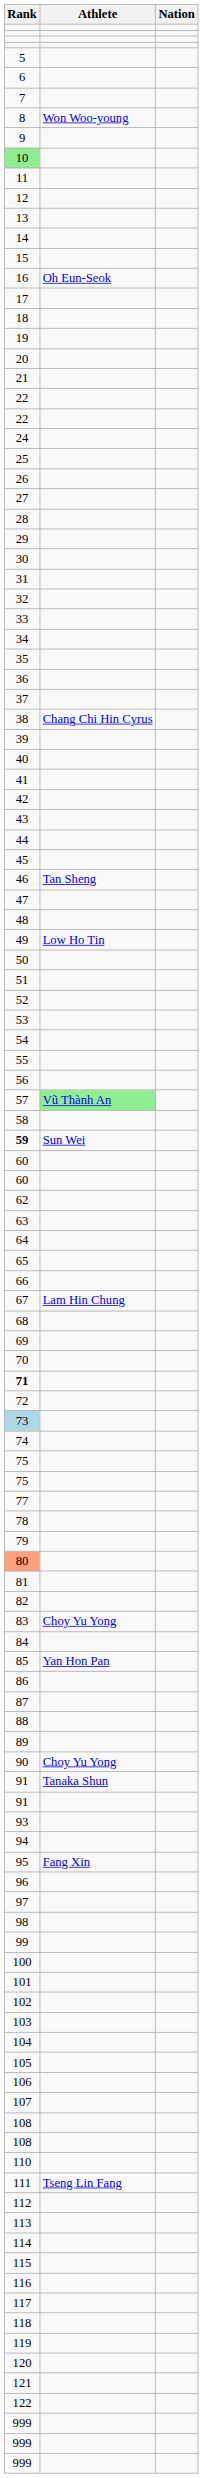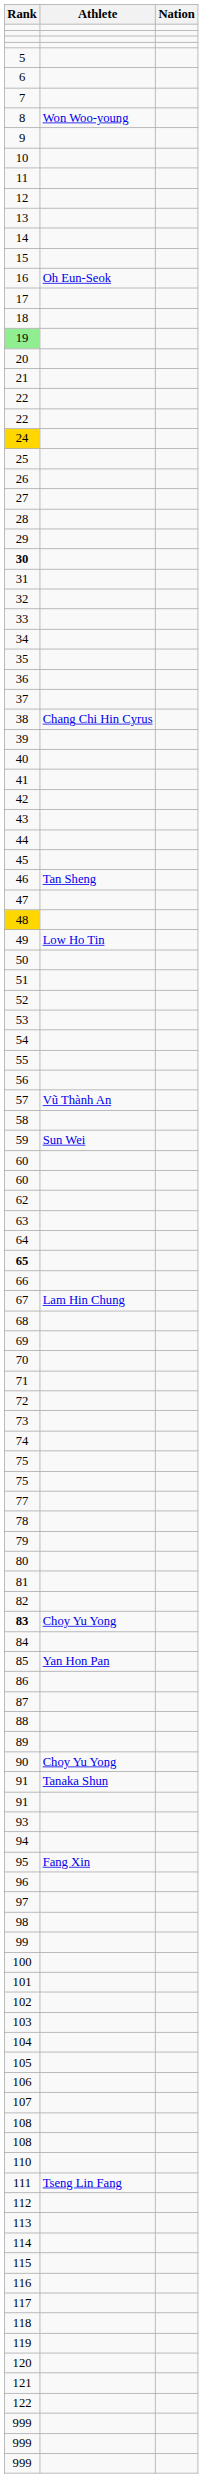 <table class="wikitable sortable" style="text-align:left">
 <tr>
 <th>Rank</th>
 <th>Athlete</th>
 <th>Nation</th>
 </tr>
 <tr>
 <td align="center"></td>
 <td></td>
 <td></td>
 </tr>
 <tr>
 <td align="center"></td>
 <td></td>
 <td></td>
 </tr>
 <tr>
 <td align="center"></td>
 <td></td>
 <td></td>
 </tr>
 <tr>
 <td align="center"></td>
 <td></td>
 <td></td>
 </tr>
 <tr>
 <td align="center">5</td>
 <td></td>
 <td></td>
 </tr>
 <tr>
 <td align="center">6</td>
 <td></td>
 <td></td>
 </tr>
 <tr>
 <td align="center">7</td>
 <td></td>
 <td></td>
 </tr>
 <tr>
 <td align="center">8</td>
 <td><a href='#'>Won Woo-young</a></td>
 <td></td>
 </tr>
 <tr>
 <td align="center">9</td>
 <td></td>
 <td></td>
 </tr>
 <tr>
-<td align="center" style="background: lightgreen;">10</td>
+<td align="center">10</td>
 <td></td>
 <td></td>
 </tr>
 <tr>
 <td align="center">11</td>
 <td></td>
 <td></td>
 </tr>
 <tr>
 <td align="center">12</td>
 <td></td>
 <td></td>
 </tr>
 <tr>
 <td align="center">13</td>
 <td></td>
 <td></td>
 </tr>
 <tr>
 <td align="center">14</td>
 <td></td>
 <td></td>
 </tr>
 <tr>
 <td align="center">15</td>
 <td></td>
 <td></td>
 </tr>
 <tr>
 <td align="center">16</td>
 <td><a href='#'>Oh Eun-Seok</a></td>
 <td></td>
 </tr>
 <tr>
 <td align="center">17</td>
 <td></td>
 <td></td>
 </tr>
 <tr>
 <td align="center">18</td>
 <td></td>
 <td></td>
 </tr>
 <tr>
-<td align="center">19</td>
+<td align="center" style="background: lightgreen;">19</td>
 <td></td>
 <td></td>
 </tr>
 <tr>
 <td align="center">20</td>
 <td></td>
 <td></td>
 </tr>
 <tr>
 <td align="center">21</td>
 <td></td>
 <td></td>
 </tr>
 <tr>
 <td align="center">22</td>
 <td></td>
 <td></td>
 </tr>
 <tr>
 <td align="center">22</td>
 <td></td>
 <td></td>
 </tr>
 <tr>
-<td align="center">24</td>
+<td align="center" style="background: gold;">24</td>
 <td></td>
 <td></td>
 </tr>
 <tr>
 <td align="center">25</td>
 <td></td>
 <td></td>
 </tr>
 <tr>
 <td align="center">26</td>
 <td></td>
 <td></td>
 </tr>
 <tr>
 <td align="center">27</td>
 <td></td>
 <td></td>
 </tr>
 <tr>
 <td align="center">28</td>
 <td></td>
 <td></td>
 </tr>
 <tr>
 <td align="center">29</td>
 <td></td>
 <td></td>
 </tr>
 <tr>
-<td align="center">30</td>
+<td align="center"><strong>30</strong></td>
 <td></td>
 <td></td>
 </tr>
 <tr>
 <td align="center">31</td>
 <td></td>
 <td></td>
 </tr>
 <tr>
 <td align="center">32</td>
 <td></td>
 <td></td>
 </tr>
 <tr>
 <td align="center">33</td>
 <td></td>
 <td></td>
 </tr>
 <tr>
 <td align="center">34</td>
 <td></td>
 <td></td>
 </tr>
 <tr>
 <td align="center">35</td>
 <td></td>
 <td></td>
 </tr>
 <tr>
 <td align="center">36</td>
 <td></td>
 <td></td>
 </tr>
 <tr>
 <td align="center">37</td>
 <td></td>
 <td></td>
 </tr>
 <tr>
 <td align="center">38</td>
 <td><a href='#'>Chang Chi Hin Cyrus</a></td>
 <td></td>
 </tr>
 <tr>
 <td align="center">39</td>
 <td></td>
 <td></td>
 </tr>
 <tr>
 <td align="center">40</td>
 <td></td>
 <td></td>
 </tr>
 <tr>
 <td align="center">41</td>
 <td></td>
 <td></td>
 </tr>
 <tr>
 <td align="center">42</td>
 <td></td>
 <td></td>
 </tr>
 <tr>
 <td align="center">43</td>
 <td></td>
 <td></td>
 </tr>
 <tr>
 <td align="center">44</td>
 <td></td>
 <td></td>
 </tr>
 <tr>
 <td align="center">45</td>
 <td></td>
 <td></td>
 </tr>
 <tr>
 <td align="center">46</td>
 <td><a href='#'>Tan Sheng</a></td>
 <td></td>
 </tr>
 <tr>
 <td align="center">47</td>
 <td></td>
 <td></td>
 </tr>
 <tr>
-<td align="center">48</td>
+<td align="center" style="background: gold;">48</td>
 <td></td>
 <td></td>
 </tr>
 <tr>
 <td align="center">49</td>
 <td><a href='#'>Low Ho Tin</a></td>
 <td></td>
 </tr>
 <tr>
 <td align="center">50</td>
 <td></td>
 <td></td>
 </tr>
 <tr>
 <td align="center">51</td>
 <td></td>
 <td></td>
 </tr>
 <tr>
 <td align="center">52</td>
 <td></td>
 <td></td>
 </tr>
 <tr>
 <td align="center">53</td>
 <td></td>
 <td></td>
 </tr>
 <tr>
 <td align="center">54</td>
 <td></td>
 <td></td>
 </tr>
 <tr>
 <td align="center">55</td>
 <td></td>
 <td></td>
 </tr>
 <tr>
 <td align="center">56</td>
 <td></td>
 <td></td>
 </tr>
 <tr>
 <td align="center">57</td>
-<td style="background: lightgreen;"><a href='#'>Vũ Thành An</a></td>
+<td><a href='#'>Vũ Thành An</a></td>
 <td></td>
 </tr>
 <tr>
 <td align="center">58</td>
 <td></td>
 <td></td>
 </tr>
 <tr>
-<td align="center"><strong>59</strong></td>
+<td align="center">59</td>
 <td><a href='#'>Sun Wei</a></td>
 <td></td>
 </tr>
 <tr>
 <td align="center">60</td>
 <td></td>
 <td></td>
 </tr>
 <tr>
 <td align="center">60</td>
 <td></td>
 <td></td>
 </tr>
 <tr>
 <td align="center">62</td>
 <td></td>
 <td></td>
 </tr>
 <tr>
 <td align="center">63</td>
 <td></td>
 <td></td>
 </tr>
 <tr>
 <td align="center">64</td>
 <td></td>
 <td></td>
 </tr>
 <tr>
-<td align="center">65</td>
+<td align="center"><strong>65</strong></td>
 <td></td>
 <td></td>
 </tr>
 <tr>
 <td align="center">66</td>
 <td></td>
 <td></td>
 </tr>
 <tr>
 <td align="center">67</td>
 <td><a href='#'>Lam Hin Chung</a></td>
 <td></td>
 </tr>
 <tr>
 <td align="center">68</td>
 <td></td>
 <td></td>
 </tr>
 <tr>
 <td align="center">69</td>
 <td></td>
 <td></td>
 </tr>
 <tr>
 <td align="center">70</td>
 <td></td>
 <td></td>
 </tr>
 <tr>
-<td align="center"><strong>71</strong></td>
+<td align="center">71</td>
 <td></td>
 <td></td>
 </tr>
 <tr>
 <td align="center">72</td>
 <td></td>
 <td></td>
 </tr>
 <tr>
-<td align="center" style="background: lightblue;">73</td>
+<td align="center">73</td>
 <td></td>
 <td></td>
 </tr>
 <tr>
 <td align="center">74</td>
 <td></td>
 <td></td>
 </tr>
 <tr>
 <td align="center">75</td>
 <td></td>
 <td></td>
 </tr>
 <tr>
 <td align="center">75</td>
 <td></td>
 <td></td>
 </tr>
 <tr>
 <td align="center">77</td>
 <td></td>
 <td></td>
 </tr>
 <tr>
 <td align="center">78</td>
 <td></td>
 <td></td>
 </tr>
 <tr>
 <td align="center">79</td>
 <td></td>
 <td></td>
 </tr>
 <tr>
-<td align="center" style="background: lightsalmon;">80</td>
+<td align="center">80</td>
 <td></td>
 <td></td>
 </tr>
 <tr>
 <td align="center">81</td>
 <td></td>
 <td></td>
 </tr>
 <tr>
 <td align="center">82</td>
 <td></td>
 <td></td>
 </tr>
 <tr>
-<td align="center">83</td>
+<td align="center"><strong>83</strong></td>
 <td><a href='#'>Choy Yu Yong</a></td>
 <td></td>
 </tr>
 <tr>
 <td align="center">84</td>
 <td></td>
 <td></td>
 </tr>
 <tr>
 <td align="center">85</td>
 <td><a href='#'>Yan Hon Pan</a></td>
 <td></td>
 </tr>
 <tr>
 <td align="center">86</td>
 <td></td>
 <td></td>
 </tr>
 <tr>
 <td align="center">87</td>
 <td></td>
 <td></td>
 </tr>
 <tr>
 <td align="center">88</td>
 <td></td>
 <td></td>
 </tr>
 <tr>
 <td align="center">89</td>
 <td></td>
 <td></td>
 </tr>
 <tr>
 <td align="center">90</td>
 <td><a href='#'>Choy Yu Yong</a></td>
 <td></td>
 </tr>
 <tr>
 <td align="center">91</td>
 <td><a href='#'>Tanaka Shun</a></td>
 <td></td>
 </tr>
 <tr>
 <td align="center">91</td>
 <td></td>
 <td></td>
 </tr>
 <tr>
 <td align="center">93</td>
 <td></td>
 <td></td>
 </tr>
 <tr>
 <td align="center">94</td>
 <td></td>
 <td></td>
 </tr>
 <tr>
 <td align="center">95</td>
 <td><a href='#'>Fang Xin</a></td>
 <td></td>
 </tr>
 <tr>
 <td align="center">96</td>
 <td></td>
 <td></td>
 </tr>
 <tr>
 <td align="center">97</td>
 <td></td>
 <td></td>
 </tr>
 <tr>
 <td align="center">98</td>
 <td></td>
 <td></td>
 </tr>
 <tr>
 <td align="center">99</td>
 <td></td>
 <td></td>
 </tr>
 <tr>
 <td align="center">100</td>
 <td></td>
 <td></td>
 </tr>
 <tr>
 <td align="center">101</td>
 <td></td>
 <td></td>
 </tr>
 <tr>
 <td align="center">102</td>
 <td></td>
 <td></td>
 </tr>
 <tr>
 <td align="center">103</td>
 <td></td>
 <td></td>
 </tr>
 <tr>
 <td align="center">104</td>
 <td></td>
 <td></td>
 </tr>
 <tr>
 <td align="center">105</td>
 <td></td>
 <td></td>
 </tr>
 <tr>
 <td align="center">106</td>
 <td></td>
 <td></td>
 </tr>
 <tr>
 <td align="center">107</td>
 <td></td>
 <td></td>
 </tr>
 <tr>
 <td align="center">108</td>
 <td></td>
 <td></td>
 </tr>
 <tr>
 <td align="center">108</td>
 <td></td>
 <td></td>
 </tr>
 <tr>
 <td align="center">110</td>
 <td></td>
 <td></td>
 </tr>
 <tr>
 <td align="center">111</td>
 <td><a href='#'>Tseng Lin Fang</a></td>
 <td></td>
 </tr>
 <tr>
 <td align="center">112</td>
 <td></td>
 <td></td>
 </tr>
 <tr>
 <td align="center">113</td>
 <td></td>
 <td></td>
 </tr>
 <tr>
 <td align="center">114</td>
 <td></td>
 <td></td>
 </tr>
 <tr>
 <td align="center">115</td>
 <td></td>
 <td></td>
 </tr>
 <tr>
 <td align="center">116</td>
 <td></td>
 <td></td>
 </tr>
 <tr>
 <td align="center">117</td>
 <td></td>
 <td></td>
 </tr>
 <tr>
 <td align="center">118</td>
 <td></td>
 <td></td>
 </tr>
 <tr>
 <td align="center">119</td>
 <td></td>
 <td></td>
 </tr>
 <tr>
 <td align="center">120</td>
 <td></td>
 <td></td>
 </tr>
 <tr>
 <td align="center">121</td>
 <td></td>
 <td></td>
 </tr>
 <tr>
 <td align="center">122</td>
 <td></td>
 <td></td>
 </tr>
 <tr>
 <td align="center">999</td>
 <td></td>
 <td></td>
 </tr>
 <tr>
 <td align="center">999</td>
 <td></td>
 <td></td>
 </tr>
 <tr>
 <td align="center">999</td>
 <td></td>
 <td></td>
 </tr>
 </table>
